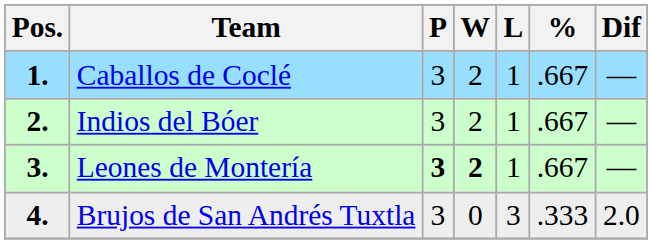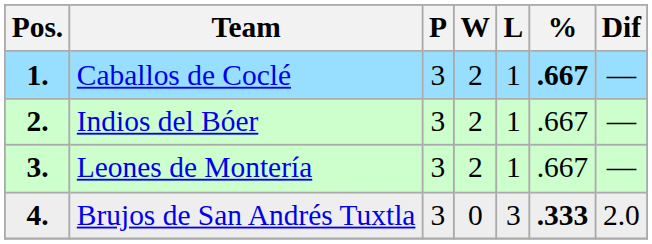 <table class="wikitable sortable" style="text-align: center;">
 <tr>
 <th align="center">Pos.</th>
 <th align="center">Team</th>
 <th align="center">P</th>
 <th align="center">W</th>
 <th align="center">L</th>
 <th align="center">%</th>
 <th align="center">Dif</th>
 </tr>
 <tr style="background: #97DEFF;">
 <td><strong>1.</strong></td>
 <td align=left> <a href='#'>Caballos de Coclé</a></td>
 <td>3</td>
 <td>2</td>
 <td>1</td>
-<td>.667</td>
+<td><strong>.667</strong></td>
 <td>—</td>
 </tr>
 <tr style="background: #CCFFCC;">
 <td><strong>2.</strong></td>
 <td align=left> <a href='#'>Indios del Bóer</a></td>
 <td>3</td>
 <td>2</td>
 <td>1</td>
 <td>.667</td>
 <td>—</td>
 </tr>
 <tr style="background: #CCFFCC;">
 <td><strong>3.</strong></td>
 <td align=left> <a href='#'>Leones de Montería</a></td>
-<td><strong>3</strong></td>
-<td><strong>2</strong></td>
+<td>3</td>
+<td>2</td>
 <td>1</td>
 <td>.667</td>
 <td>—</td>
 </tr>
 <tr style="background: #EEEEEE;">
 <td><strong>4.</strong></td>
 <td align=left> <a href='#'>Brujos de San Andrés Tuxtla</a></td>
 <td>3</td>
 <td>0</td>
 <td>3</td>
-<td>.333</td>
+<td><strong>.333</strong></td>
 <td>2.0</td>
 </tr>
 <tr>
 </tr>
 </table>
